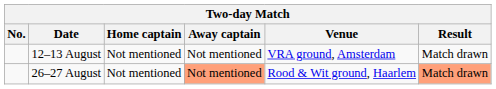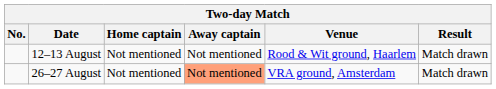 <table class="wikitable">
 <tr>
 <th colspan="9">Two-day Match</th>
 </tr>
 <tr>
 <th>No.</th>
 <th>Date</th>
 <th>Home captain</th>
 <th>Away captain</th>
 <th>Venue</th>
 <th>Result</th>
 </tr>
 <tr>
 <td></td>
 <td>12–13 August</td>
 <td>Not mentioned</td>
 <td>Not mentioned</td>
-<td><a href='#'>VRA ground</a>, <a href='#'>Amsterdam</a></td>
+<td><a href='#'>Rood & Wit ground</a>, <a href='#'>Haarlem</a></td>
 <td>Match drawn</td>
 </tr>
 <tr>
 <td></td>
 <td>26–27 August</td>
 <td>Not mentioned</td>
 <td style="background: lightsalmon;">Not mentioned</td>
-<td><a href='#'>Rood & Wit ground</a>, <a href='#'>Haarlem</a></td>
-<td style="background: lightsalmon;">Match drawn</td>
+<td><a href='#'>VRA ground</a>, <a href='#'>Amsterdam</a></td>
+<td>Match drawn</td>
 </tr>
 </table>
